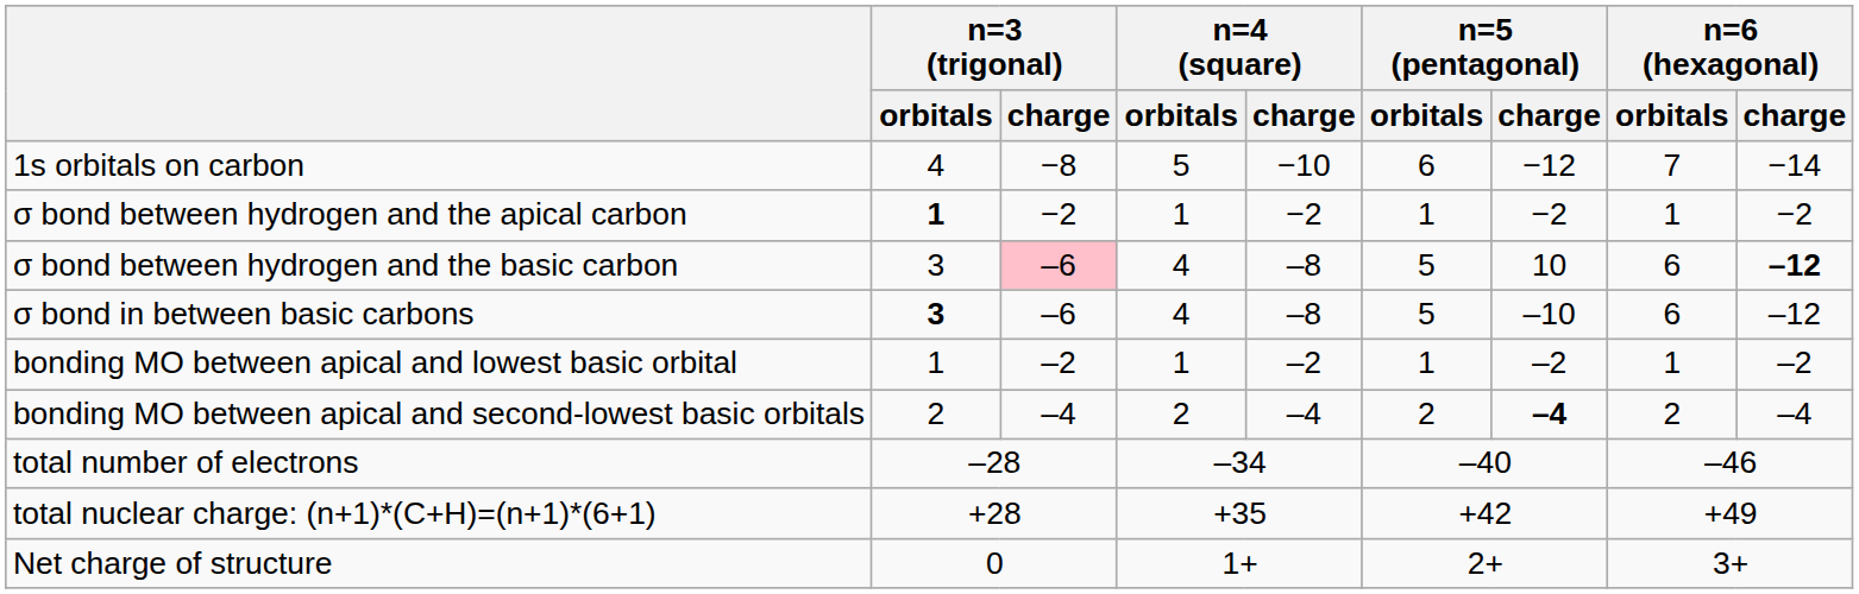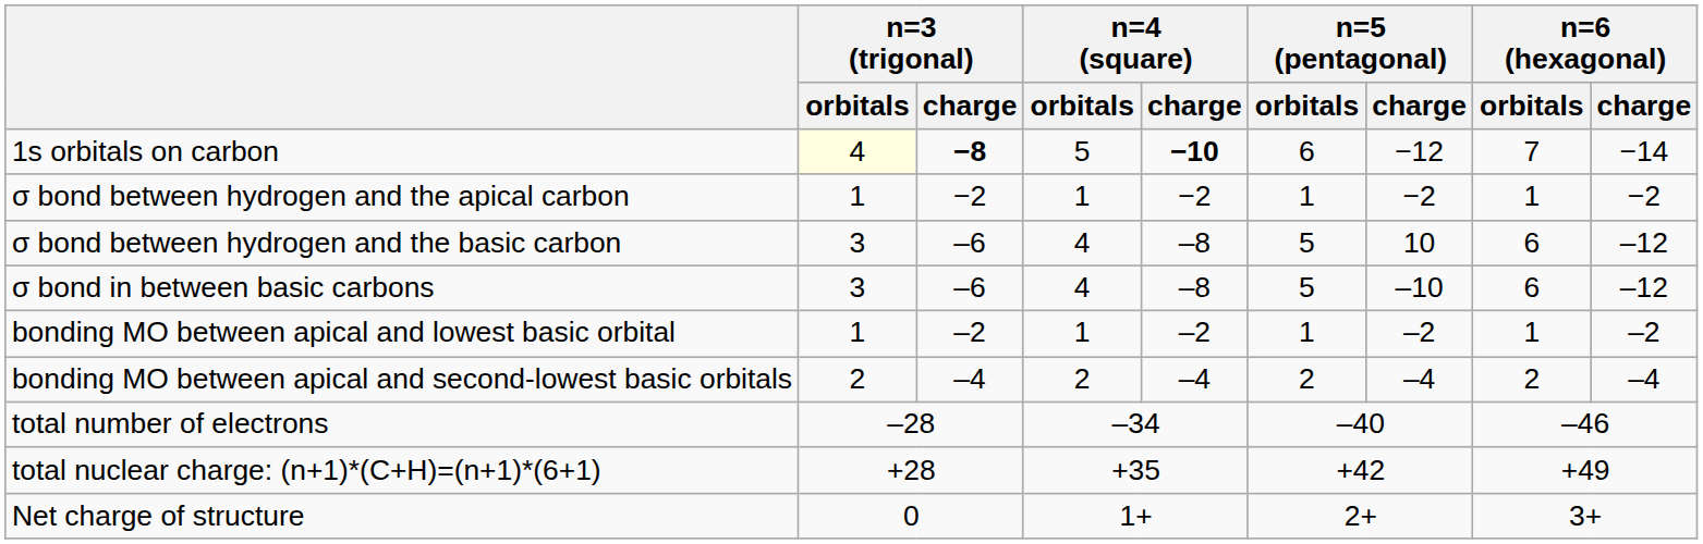 <table class="wikitable">
 <tr>
 <th rowspan="2"></th>
 <th ! colspan="2">n=3<br>(trigonal)</th>
 <th ! colspan="2">n=4<br>(square)</th>
 <th ! colspan="2">n=5<br>(pentagonal)</th>
 <th ! colspan="2">n=6<br>(hexagonal)</th>
 </tr>
 <tr>
 <th>orbitals</th>
 <th>charge</th>
 <th>orbitals</th>
 <th>charge</th>
 <th>orbitals</th>
 <th>charge</th>
 <th>orbitals</th>
 <th>charge</th>
 </tr>
 <tr>
 <td>1s orbitals on carbon</td>
-<td align="center">4</td>
-<td align="center">−8</td>
+<td align="center" style="background: lightyellow;">4</td>
+<td align="center"><strong>−8</strong></td>
 <td align="center">5</td>
-<td align="center">−10</td>
+<td align="center"><strong>−10</strong></td>
 <td align="center">6</td>
 <td align="center">−12</td>
 <td align="center">7</td>
 <td align="center">−14</td>
 </tr>
 <tr>
 <td>σ bond between hydrogen and the apical carbon</td>
-<td align="center"><strong>1</strong></td>
+<td align="center">1</td>
 <td align="center">−2</td>
 <td align="center">1</td>
 <td align="center">−2</td>
 <td align="center">1</td>
 <td align="center">−2</td>
 <td align="center">1</td>
 <td align="center">−2</td>
 </tr>
 <tr>
 <td>σ bond between hydrogen and the basic carbon</td>
 <td align="center">3</td>
-<td align="center" style="background: pink;">–6</td>
+<td align="center">–6</td>
 <td align="center">4</td>
 <td align="center">–8</td>
 <td align="center">5</td>
 <td align="center">10</td>
 <td align="center">6</td>
-<td align="center"><strong>–12</strong></td>
+<td align="center">–12</td>
 </tr>
 <tr>
 <td>σ bond in between basic carbons</td>
-<td align="center"><strong>3</strong></td>
+<td align="center">3</td>
 <td align="center">–6</td>
 <td align="center">4</td>
 <td align="center">–8</td>
 <td align="center">5</td>
 <td align="center">–10</td>
 <td align="center">6</td>
 <td align="center">–12</td>
 </tr>
 <tr>
 <td>bonding MO between apical and lowest basic orbital</td>
 <td align="center">1</td>
 <td align="center">–2</td>
 <td align="center">1</td>
 <td align="center">–2</td>
 <td align="center">1</td>
 <td align="center">–2</td>
 <td align="center">1</td>
 <td align="center">–2</td>
 </tr>
 <tr>
 <td>bonding MO between apical and second-lowest basic orbitals</td>
 <td align="center">2</td>
 <td align="center">–4</td>
 <td align="center">2</td>
 <td align="center">–4</td>
 <td align="center">2</td>
-<td align="center"><strong>–4</strong></td>
+<td align="center">–4</td>
 <td align="center">2</td>
 <td align="center">–4</td>
 </tr>
 <tr>
 <td>total number of electrons</td>
 <td colspan="2" align="center">–28</td>
 <td colspan="2" align="center">–34</td>
 <td colspan="2" align="center">–40</td>
 <td colspan="2" align="center">–46</td>
 </tr>
 <tr>
 <td>total nuclear charge: (n+1)*(C+H)=(n+1)*(6+1)</td>
 <td colspan="2" align="center">+28</td>
 <td colspan="2" align="center">+35</td>
 <td colspan="2" align="center">+42</td>
 <td colspan="2" align="center">+49</td>
 </tr>
 <tr>
 <td>Net charge of structure</td>
 <td colspan="2" align="center">0</td>
 <td colspan="2" align="center">1+</td>
 <td colspan="2" align="center">2+</td>
 <td colspan="2" align="center">3+</td>
 </tr>
 </table>
